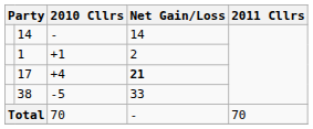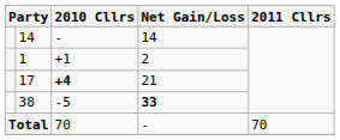 <table class="wikitable">
 <tr>
 <th colspan="2">Party</th>
 <th>2010 Cllrs</th>
 <th>Net Gain/Loss</th>
 <th>2011 Cllrs</th>
 </tr>
 <tr>
 <td></td>
 <td>14</td>
 <td>-</td>
 <td>14</td>
 </tr>
 <tr>
 <td></td>
 <td>1</td>
 <td>+1</td>
 <td>2</td>
 </tr>
 <tr>
 <td></td>
 <td>17</td>
-<td>+4</td>
-<td><strong>21</strong></td>
+<td><strong>+4</strong></td>
+<td>21</td>
 </tr>
 <tr>
 <td></td>
 <td>38</td>
 <td>-5</td>
-<td>33</td>
+<td><strong>33</strong></td>
 </tr>
 <tr>
 <th colspan="2">Total</th>
 <td>70</td>
 <td>-</td>
 <td>70</td>
 </tr>
 <tr>
 </tr>
 </table>
